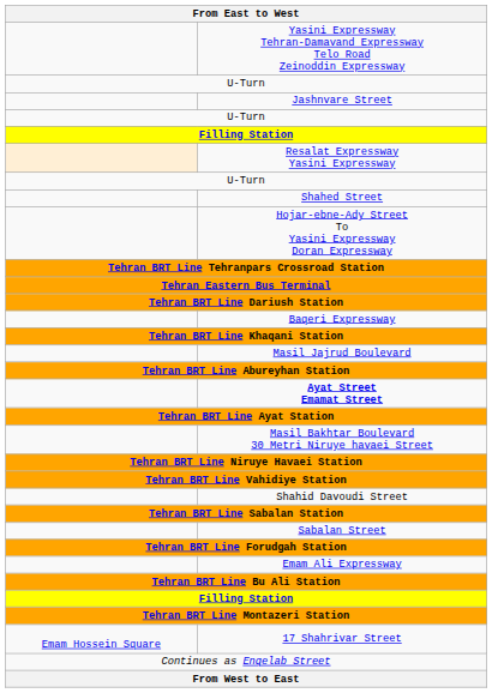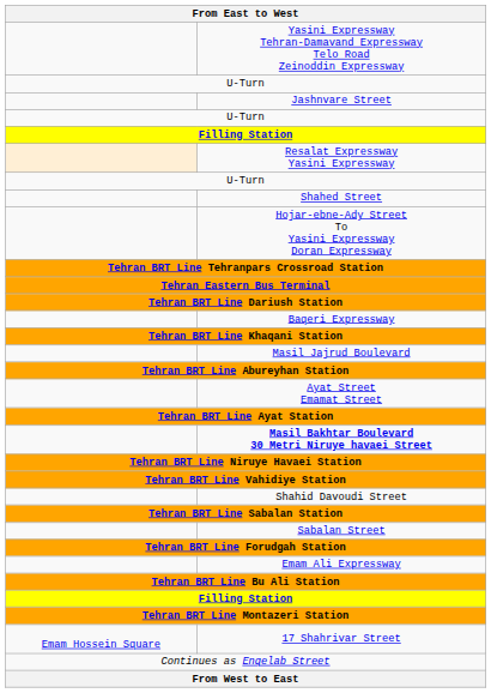 <table class="wikitable" style="text-align:center" width="600px">
 <tr>
 <th text-align="center" colspan="3"> From East to West </th>
 </tr>
 <tr>
 <td></td>
 <td> <a href='#'>Yasini Expressway</a><br> <a href='#'>Tehran-Damavand Expressway</a><br> <a href='#'>Telo Road</a><br> <a href='#'>Zeinoddin Expressway</a></td>
 </tr>
 <tr>
 <td text-align="center" colspan="3"> U-Turn</td>
 </tr>
 <tr>
 <td></td>
 <td> <a href='#'>Jashnvare Street</a></td>
 </tr>
 <tr>
 <td text-align="center" colspan="3"> U-Turn</td>
 </tr>
 <tr>
 <td text-align="center" colspan="3" bgcolor="yellow"> <strong><a href='#'><span>Filling Station</span></a></strong></td>
 </tr>
 <tr>
 <td align="center" bgcolor="#FFEFD5"><br></td>
 <td> <a href='#'>Resalat Expressway</a><br> <a href='#'>Yasini Expressway</a></td>
 </tr>
 <tr>
 <td text-align="center" colspan="3"> U-Turn</td>
 </tr>
 <tr>
 <td></td>
 <td> <a href='#'>Shahed Street</a></td>
 </tr>
 <tr>
 <td></td>
 <td> <a href='#'>Hojar-ebne-Ady Street</a><br>  To<br> <a href='#'>Yasini Expressway</a><br> <a href='#'>Doran Expressway</a></td>
 </tr>
 <tr>
 <td text-align="center" colspan="3" style="background: orange; color: black;"> <strong><a href='#'>Tehran BRT Line</a> Tehranpars Crossroad Station</strong></td>
 </tr>
 <tr>
 <td text-align="center" colspan="3" style="background: orange; color: white;"> <strong><a href='#'>Tehran Eastern Bus Terminal</a></strong></td>
 </tr>
 <tr>
 <td text-align="center" colspan="3" style="background: orange; color: black;"> <strong><a href='#'>Tehran BRT Line</a> Dariush Station</strong></td>
 </tr>
 <tr>
 <td></td>
 <td> <a href='#'>Baqeri Expressway</a></td>
 </tr>
 <tr>
 <td text-align="center" colspan="3" style="background: orange; color: black;"> <strong><a href='#'>Tehran BRT Line</a> Khaqani Station</strong></td>
 </tr>
 <tr>
 <td></td>
 <td> <a href='#'>Masil Jajrud Boulevard</a></td>
 </tr>
 <tr>
 <td text-align="center" colspan="3" style="background: orange; color: black;"> <strong><a href='#'>Tehran BRT Line</a> Abureyhan Station</strong></td>
 </tr>
 <tr>
 <td></td>
-<td><strong> <a href='#'>Ayat Street</a><br> <a href='#'>Emamat Street</a></strong></td>
+<td> <a href='#'>Ayat Street</a><br> <a href='#'>Emamat Street</a></td>
 </tr>
 <tr>
 <td text-align="center" colspan="3" style="background: orange; color: black;"> <strong><a href='#'>Tehran BRT Line</a> Ayat Station</strong></td>
 </tr>
 <tr>
 <td></td>
-<td> <a href='#'>Masil Bakhtar Boulevard</a><br> <a href='#'>30 Metri Niruye havaei Street</a></td>
+<td><strong> <a href='#'>Masil Bakhtar Boulevard</a><br> <a href='#'>30 Metri Niruye havaei Street</a></strong></td>
 </tr>
 <tr>
 <td text-align="center" colspan="3" style="background: orange; color: black;"> <strong><a href='#'>Tehran BRT Line</a> Niruye Havaei Station</strong></td>
 </tr>
 <tr>
 <td text-align="center" colspan="3" style="background: orange; color: black;"> <strong><a href='#'>Tehran BRT Line</a> Vahidiye Station</strong></td>
 </tr>
 <tr>
 <td></td>
 <td> Shahid Davoudi Street</td>
 </tr>
 <tr>
 <td text-align="center" colspan="3" style="background: orange; color: black;"> <strong><a href='#'>Tehran BRT Line</a> Sabalan Station</strong></td>
 </tr>
 <tr>
 <td></td>
 <td> <a href='#'>Sabalan Street</a></td>
 </tr>
 <tr>
 <td text-align="center" colspan="3" style="background: orange; color: black;"> <strong><a href='#'>Tehran BRT Line</a> Forudgah Station</strong></td>
 </tr>
 <tr>
 <td></td>
 <td> <a href='#'>Emam Ali Expressway</a></td>
 </tr>
 <tr>
 <td text-align="center" colspan="3" style="background: orange; color: black;"> <strong><a href='#'>Tehran BRT Line</a> Bu Ali Station</strong></td>
 </tr>
 <tr>
 <td text-align="center" colspan="3" bgcolor="yellow"> <strong><a href='#'><span>Filling Station</span></a></strong></td>
 </tr>
 <tr>
 <td text-align="center" colspan="3" style="background: orange; color: black;"> <strong><a href='#'>Tehran BRT Line</a> Montazeri Station</strong></td>
 </tr>
 <tr>
 <td><br><a href='#'>Emam Hossein Square</a></td>
 <td> <a href='#'>17 Shahrivar Street</a></td>
 </tr>
 <tr>
 <td colspan="3"><em>Continues as  <a href='#'>Enqelab Street</a></em></td>
 </tr>
 <tr>
 <th text-align="center" colspan="3"> From West to East </th>
 </tr>
 </table>
